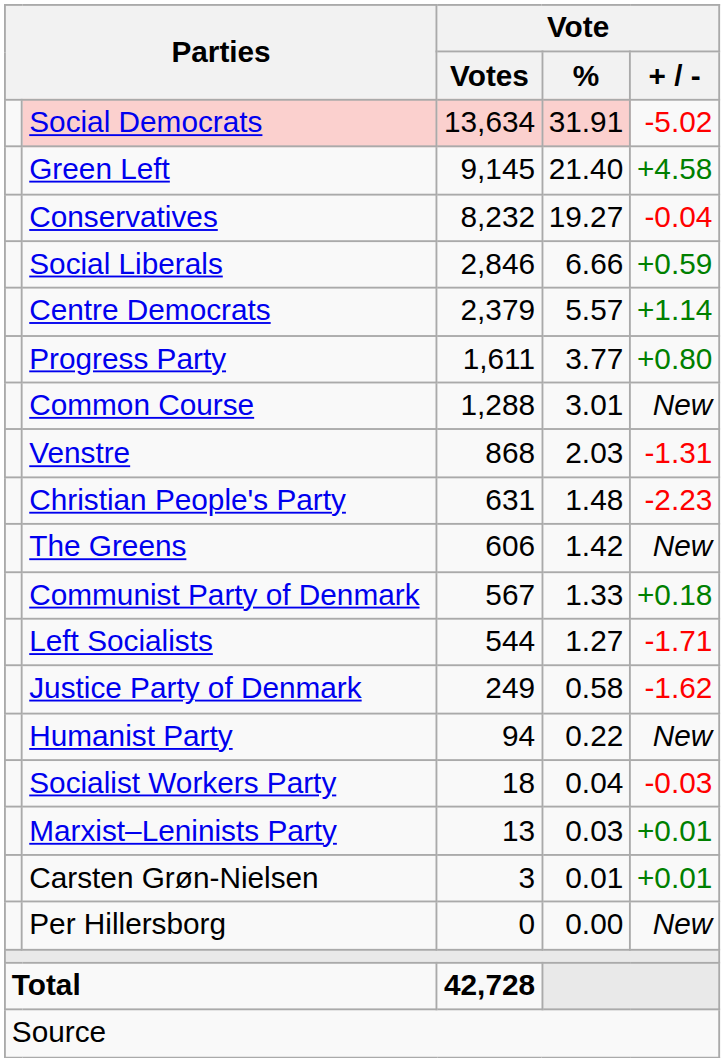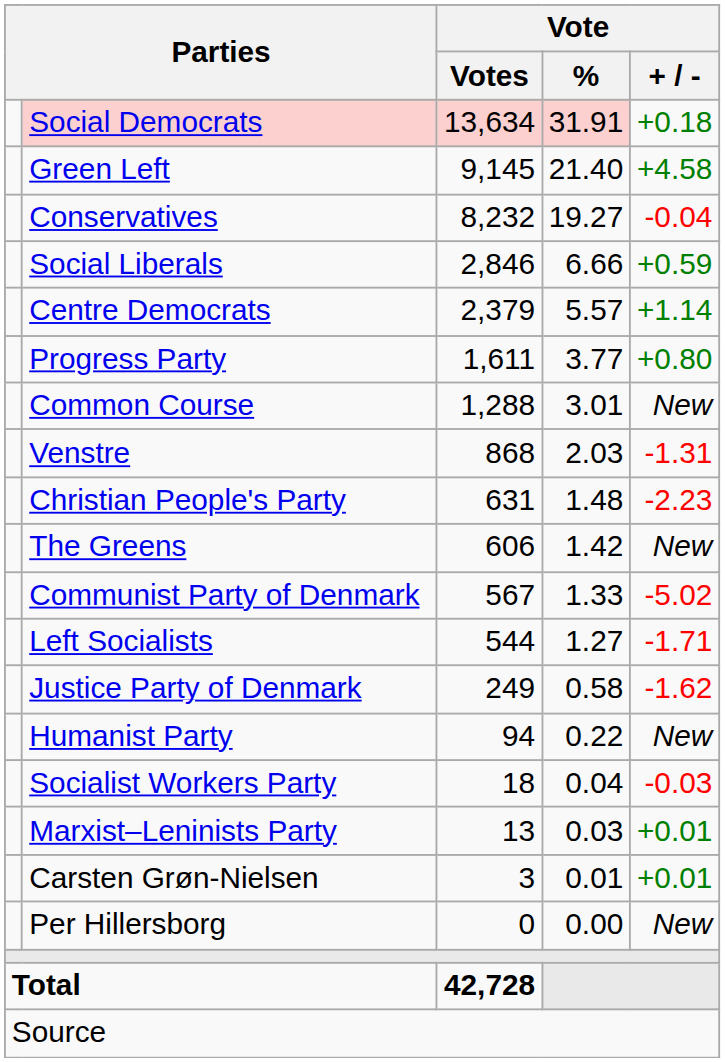 <table class="wikitable" style="text-align:right;">
 <tr>
 <th style="text-align:centre;" rowspan="2" colspan="2" width="225">Parties</th>
 <th colspan="3">Vote</th>
 </tr>
 <tr>
 <th width="15">Votes</th>
 <th width="15">%</th>
 <th width="15">+ / -</th>
 </tr>
 <tr>
 <td width="2" style="color:inherit;background:"></td>
 <td bgcolor=#fbd0ce  align="left"><a href='#'>Social Democrats</a></td>
 <td bgcolor=#fbd0ce>13,634</td>
 <td bgcolor=#fbd0ce>31.91</td>
-<td style=color:red;>-5.02</td>
+<td style=color:green;>+0.18</td>
 </tr>
 <tr>
 <td width="2" style="color:inherit;background:"></td>
 <td align="left"><a href='#'>Green Left</a></td>
 <td>9,145</td>
 <td>21.40</td>
 <td style=color:green;>+4.58</td>
 </tr>
 <tr>
 <td width="2" style="color:inherit;background:"></td>
 <td align="left"><a href='#'>Conservatives</a></td>
 <td>8,232</td>
 <td>19.27</td>
 <td style=color:red;>-0.04</td>
 </tr>
 <tr>
 <td width="2" style="color:inherit;background:"></td>
 <td align="left"><a href='#'>Social Liberals</a></td>
 <td>2,846</td>
 <td>6.66</td>
 <td style=color:green;>+0.59</td>
 </tr>
 <tr>
 <td width="2" style="color:inherit;background:"></td>
 <td align="left"><a href='#'>Centre Democrats</a></td>
 <td>2,379</td>
 <td>5.57</td>
 <td style=color:green;>+1.14</td>
 </tr>
 <tr>
 <td width="2" style="color:inherit;background:"></td>
 <td align="left"><a href='#'>Progress Party</a></td>
 <td>1,611</td>
 <td>3.77</td>
 <td style=color:green;>+0.80</td>
 </tr>
 <tr>
 <td width="2" style="color:inherit;background:"></td>
 <td align="left"><a href='#'>Common Course</a></td>
 <td>1,288</td>
 <td>3.01</td>
 <td><em>New</em></td>
 </tr>
 <tr>
 <td width="2" style="color:inherit;background:"></td>
 <td align="left"><a href='#'>Venstre</a></td>
 <td>868</td>
 <td>2.03</td>
 <td style=color:red;>-1.31</td>
 </tr>
 <tr>
 <td width="2" style="color:inherit;background:"></td>
 <td align="left"><a href='#'>Christian People's Party</a></td>
 <td>631</td>
 <td>1.48</td>
 <td style=color:red;>-2.23</td>
 </tr>
 <tr>
 <td width="2" style="color:inherit;background:"></td>
 <td align="left"><a href='#'>The Greens</a></td>
 <td>606</td>
 <td>1.42</td>
 <td><em>New</em></td>
 </tr>
 <tr>
 <td width="2" style="color:inherit;background:"></td>
 <td align="left"><a href='#'>Communist Party of Denmark</a></td>
 <td>567</td>
 <td>1.33</td>
-<td style=color:green;>+0.18</td>
+<td style=color:red;>-5.02</td>
 </tr>
 <tr>
 <td width="2" style="color:inherit;background:"></td>
 <td align="left"><a href='#'>Left Socialists</a></td>
 <td>544</td>
 <td>1.27</td>
 <td style=color:red;>-1.71</td>
 </tr>
 <tr>
 <td width="2" style="color:inherit;background:"></td>
 <td align="left"><a href='#'>Justice Party of Denmark</a></td>
 <td>249</td>
 <td>0.58</td>
 <td style=color:red;>-1.62</td>
 </tr>
 <tr>
 <td width="2" style="color:inherit;background:"></td>
 <td align="left"><a href='#'>Humanist Party</a></td>
 <td>94</td>
 <td>0.22</td>
 <td><em>New</em></td>
 </tr>
 <tr>
 <td width="2" style="color:inherit;background:"></td>
 <td align="left"><a href='#'>Socialist Workers Party</a></td>
 <td>18</td>
 <td>0.04</td>
 <td style=color:red;>-0.03</td>
 </tr>
 <tr>
 <td width="2" style="color:inherit;background:"></td>
 <td align="left"><a href='#'>Marxist–Leninists Party</a></td>
 <td>13</td>
 <td>0.03</td>
 <td style=color:green;>+0.01</td>
 </tr>
 <tr>
 <td width="2" style="color:inherit;background:"></td>
 <td align="left">Carsten Grøn-Nielsen</td>
 <td>3</td>
 <td>0.01</td>
 <td style=color:green;>+0.01</td>
 </tr>
 <tr>
 <td width="2" style="color:inherit;background:"></td>
 <td align="left">Per Hillersborg</td>
 <td>0</td>
 <td>0.00</td>
 <td><em>New</em></td>
 </tr>
 <tr>
 <td colspan="7" bgcolor="#E9E9E9"></td>
 </tr>
 <tr>
 <td align="left" colspan="2"><strong>Total</strong></td>
 <td><strong>42,728</strong></td>
 <td bgcolor="#E9E9E9" colspan="2"></td>
 </tr>
 <tr>
 <td align="left" colspan="6">Source</td>
 </tr>
 </table>
